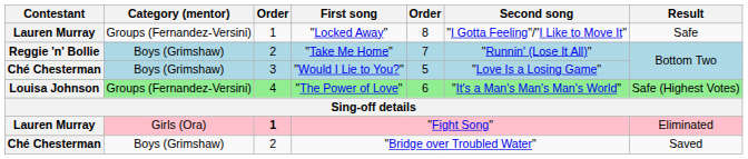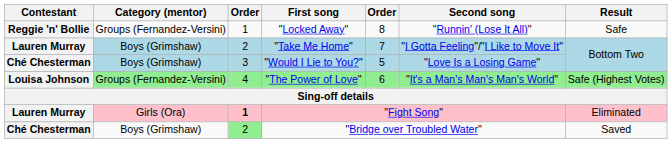 <table class="wikitable plainrowheaders" style="text-align:center;">
 <tr>
 <th scope="col">Contestant</th>
 <th scope="col">Category (mentor)</th>
 <th scope="col">Order</th>
 <th scope="col">First song</th>
 <th scope="col">Order</th>
 <th scope="col">Second song</th>
 <th scope="col">Result</th>
 </tr>
 <tr>
-<th scope="row">Lauren Murray</th>
+<th scope="row">Reggie 'n' Bollie</th>
 <td>Groups (Fernandez-Versini)</td>
 <td>1</td>
 <td>"<a href='#'>Locked Away</a>"</td>
 <td>8</td>
-<td>"<a href='#'>I Gotta Feeling</a>"/"<a href='#'>I Like to Move It</a>"</td>
+<td>"<a href='#'>Runnin' (Lose It All)</a>"</td>
 <td>Safe</td>
 </tr>
 <tr style="background:lightblue;">
-<th scope="row">Reggie 'n' Bollie</th>
+<th scope="row">Lauren Murray</th>
 <td>Boys (Grimshaw)</td>
 <td>2</td>
 <td>"<a href='#'>Take Me Home</a>"</td>
 <td>7</td>
-<td>"<a href='#'>Runnin' (Lose It All)</a>"</td>
+<td>"<a href='#'>I Gotta Feeling</a>"/"<a href='#'>I Like to Move It</a>"</td>
 <td rowspan=2>Bottom Two</td>
 </tr>
 <tr style="background:lightblue;">
 <th scope="row">Ché Chesterman</th>
 <td>Boys (Grimshaw)</td>
 <td>3</td>
 <td>"<a href='#'>Would I Lie to You?</a>"</td>
 <td>5</td>
 <td>"<a href='#'>Love Is a Losing Game</a>"</td>
 </tr>
 <tr style="background:lightgreen;">
 <th scope="row">Louisa Johnson</th>
 <td>Groups (Fernandez-Versini)</td>
 <td>4</td>
 <td>"<a href='#'>The Power of Love</a>"</td>
 <td>6</td>
 <td>"<a href='#'>It's a Man's Man's Man's World</a>"</td>
 <td>Safe (Highest Votes)</td>
 </tr>
 <tr>
 <th scope="col" colspan=8>Sing-off details</th>
 </tr>
 <tr style="background:pink;">
 <th scope="row">Lauren Murray</th>
 <td>Girls (Ora)</td>
 <td><strong>1</strong></td>
 <td colspan="3">"<a href='#'>Fight Song</a>"</td>
 <td>Eliminated</td>
 </tr>
 <tr>
 <th scope="row">Ché Chesterman</th>
 <td>Boys (Grimshaw)</td>
-<td>2</td>
+<td style="background: lightgreen;">2</td>
 <td colspan="3">"<a href='#'>Bridge over Troubled Water</a>"</td>
 <td>Saved</td>
 </tr>
 </table>
